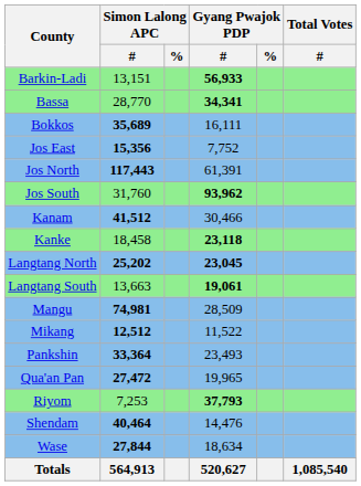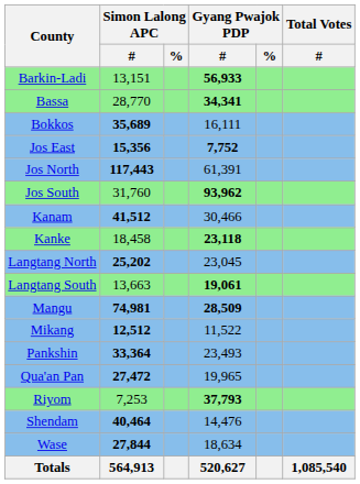 <table class="wikitable sortable" style=" font-size: 95%">
 <tr>
 <th rowspan="2">County</th>
 <th colspan="2">Simon Lalong<br>APC</th>
 <th colspan="2">Gyang Pwajok<br>PDP</th>
 <th>Total Votes</th>
 </tr>
 <tr>
 <th>#</th>
 <th>%</th>
 <th>#</th>
 <th>%</th>
 <th>#</th>
 </tr>
 <tr>
 <td bgcolor=#90EE90 align="center"><a href='#'>Barkin-Ladi</a></td>
 <td bgcolor=#90EE90 align="center">13,151</td>
 <td bgcolor=#90EE90 align="center"></td>
 <td bgcolor=#90EE90 align="center"><strong>56,933</strong></td>
 <td bgcolor=#90EE90 align="center"></td>
 <td bgcolor=#90EE90 align="center"></td>
 </tr>
 <tr>
 <td bgcolor=#90EE90 align="center"><a href='#'>Bassa</a></td>
 <td bgcolor=#90EE90 align="center">28,770</td>
 <td bgcolor=#90EE90 align="center"></td>
 <td bgcolor=#90EE90 align="center"><strong>34,341</strong></td>
 <td bgcolor=#90EE90 align="center"></td>
 <td bgcolor=#90EE90 align="center"></td>
 </tr>
 <tr>
 <td bgcolor=#87BEEB align="center"><a href='#'>Bokkos</a></td>
 <td bgcolor=#87BEEB align="center"><strong>35,689</strong></td>
 <td bgcolor=#87BEEB align="center"></td>
 <td bgcolor=#87BEEB align="center">16,111</td>
 <td bgcolor=#87BEEB align="center"></td>
 <td bgcolor=#87BEEB align="center"></td>
 </tr>
 <tr>
 <td bgcolor=#87BEEB align="center"><a href='#'>Jos East</a></td>
 <td bgcolor=#87BEEB align="center"><strong>15,356</strong></td>
 <td bgcolor=#87BEEB align="center"></td>
-<td bgcolor=#87BEEB align="center">7,752</td>
+<td bgcolor=#87BEEB align="center"><strong>7,752</strong></td>
 <td bgcolor=#87BEEB align="center"></td>
 <td bgcolor=#87BEEB align="center"></td>
 </tr>
 <tr>
 <td bgcolor=#87BEEB align="center"><a href='#'>Jos North</a></td>
 <td bgcolor=#87BEEB align="center"><strong>117,443</strong></td>
 <td bgcolor=#87BEEB align="center"></td>
 <td bgcolor=#87BEEB align="center">61,391</td>
 <td bgcolor=#87BEEB align="center"></td>
 <td bgcolor=#87BEEB align="center"></td>
 </tr>
 <tr>
 <td bgcolor=#90EE90 align="center"><a href='#'>Jos South</a></td>
 <td bgcolor=#90EE90 align="center">31,760</td>
 <td bgcolor=#90EE90 align="center"></td>
 <td bgcolor=#90EE90 align="center"><strong>93,962</strong></td>
 <td bgcolor=#90EE90 align="center"></td>
 <td bgcolor=#90EE90 align="center"></td>
 </tr>
 <tr>
 <td bgcolor=#87BEEB align="center"><a href='#'>Kanam</a></td>
 <td bgcolor=#87BEEB align="center"><strong>41,512</strong></td>
 <td bgcolor=#87BEEB align="center"></td>
 <td bgcolor=#87BEEB align="center">30,466</td>
 <td bgcolor=#87BEEB align="center"></td>
 <td bgcolor=#87BEEB align="center"></td>
 </tr>
 <tr>
 <td bgcolor=#90EE90 align="center"><a href='#'>Kanke</a></td>
 <td bgcolor=#90EE90 align="center">18,458</td>
 <td bgcolor=#90EE90 align="center"></td>
 <td bgcolor=#90EE90 align="center"><strong>23,118</strong></td>
 <td bgcolor=#90EE90 align="center"></td>
 <td bgcolor=#90EE90 align="center"></td>
 </tr>
 <tr>
 <td bgcolor=#87BEEB align="center"><a href='#'>Langtang North</a></td>
 <td bgcolor=#87BEEB align="center"><strong>25,202</strong></td>
 <td bgcolor=#87BEEB align="center"></td>
-<td bgcolor=#87BEEB align="center"><strong>23,045</strong></td>
+<td bgcolor=#87BEEB align="center">23,045</td>
 <td bgcolor=#87BEEB align="center"></td>
 <td bgcolor=#87BEEB align="center"></td>
 </tr>
 <tr>
 <td bgcolor=#90EE90 align="center"><a href='#'>Langtang South</a></td>
 <td bgcolor=#90EE90 align="center">13,663</td>
 <td bgcolor=#90EE90 align="center"></td>
 <td bgcolor=#90EE90 align="center"><strong>19,061</strong></td>
 <td bgcolor=#90EE90 align="center"></td>
 <td bgcolor=#90EE90 align="center"></td>
 </tr>
 <tr>
 <td bgcolor=#87BEEB align="center"><a href='#'>Mangu</a></td>
 <td bgcolor=#87BEEB align="center"><strong>74,981</strong></td>
 <td bgcolor=#87BEEB align="center"></td>
-<td bgcolor=#87BEEB align="center">28,509</td>
+<td bgcolor=#87BEEB align="center"><strong>28,509</strong></td>
 <td bgcolor=#87BEEB align="center"></td>
 <td bgcolor=#87BEEB align="center"></td>
 </tr>
 <tr>
 <td bgcolor=#87BEEB align="center"><a href='#'>Mikang</a></td>
 <td bgcolor=#87BEEB align="center"><strong>12,512</strong></td>
 <td bgcolor=#87BEEB align="center"></td>
 <td bgcolor=#87BEEB align="center">11,522</td>
 <td bgcolor=#87BEEB align="center"></td>
 <td bgcolor=#87BEEB align="center"></td>
 </tr>
 <tr>
 <td bgcolor=#87BEEB align="center"><a href='#'>Pankshin</a></td>
 <td bgcolor=#87BEEB align="center"><strong>33,364</strong></td>
 <td bgcolor=#87BEEB align="center"></td>
 <td bgcolor=#87BEEB align="center">23,493</td>
 <td bgcolor=#87BEEB align="center"></td>
 <td bgcolor=#87BEEB align="center"></td>
 </tr>
 <tr>
 <td bgcolor=#87BEEB align="center"><a href='#'>Qua'an Pan</a></td>
 <td bgcolor=#87BEEB align="center"><strong>27,472</strong></td>
 <td bgcolor=#87BEEB align="center"></td>
 <td bgcolor=#87BEEB align="center">19,965</td>
 <td bgcolor=#87BEEB align="center"></td>
 <td bgcolor=#87BEEB align="center"></td>
 </tr>
 <tr>
 <td bgcolor=#90EE90 align="center"><a href='#'>Riyom</a></td>
 <td bgcolor=#90EE90 align="center">7,253</td>
 <td bgcolor=#90EE90 align="center"></td>
 <td bgcolor=#90EE90 align="center"><strong>37,793</strong></td>
 <td bgcolor=#90EE90 align="center"></td>
 <td bgcolor=#90EE90 align="center"></td>
 </tr>
 <tr>
 <td bgcolor=#87BEEB align="center"><a href='#'>Shendam</a></td>
 <td bgcolor=#87BEEB align="center"><strong>40,464</strong></td>
 <td bgcolor=#87BEEB align="center"></td>
 <td bgcolor=#87BEEB align="center">14,476</td>
 <td bgcolor=#87BEEB align="center"></td>
 <td bgcolor=#87BEEB align="center"></td>
 </tr>
 <tr>
 <td bgcolor=#87BEEB align="center"><a href='#'>Wase</a></td>
 <td bgcolor=#87BEEB align="center"><strong>27,844</strong></td>
 <td bgcolor=#87BEEB align="center"></td>
 <td bgcolor=#87BEEB align="center">18,634</td>
 <td bgcolor=#87BEEB align="center"></td>
 <td bgcolor=#87BEEB align="center"></td>
 </tr>
 <tr>
 <th>Totals</th>
 <th>564,913</th>
 <th></th>
 <th>520,627</th>
 <th></th>
 <th>1,085,540</th>
 </tr>
 </table>
